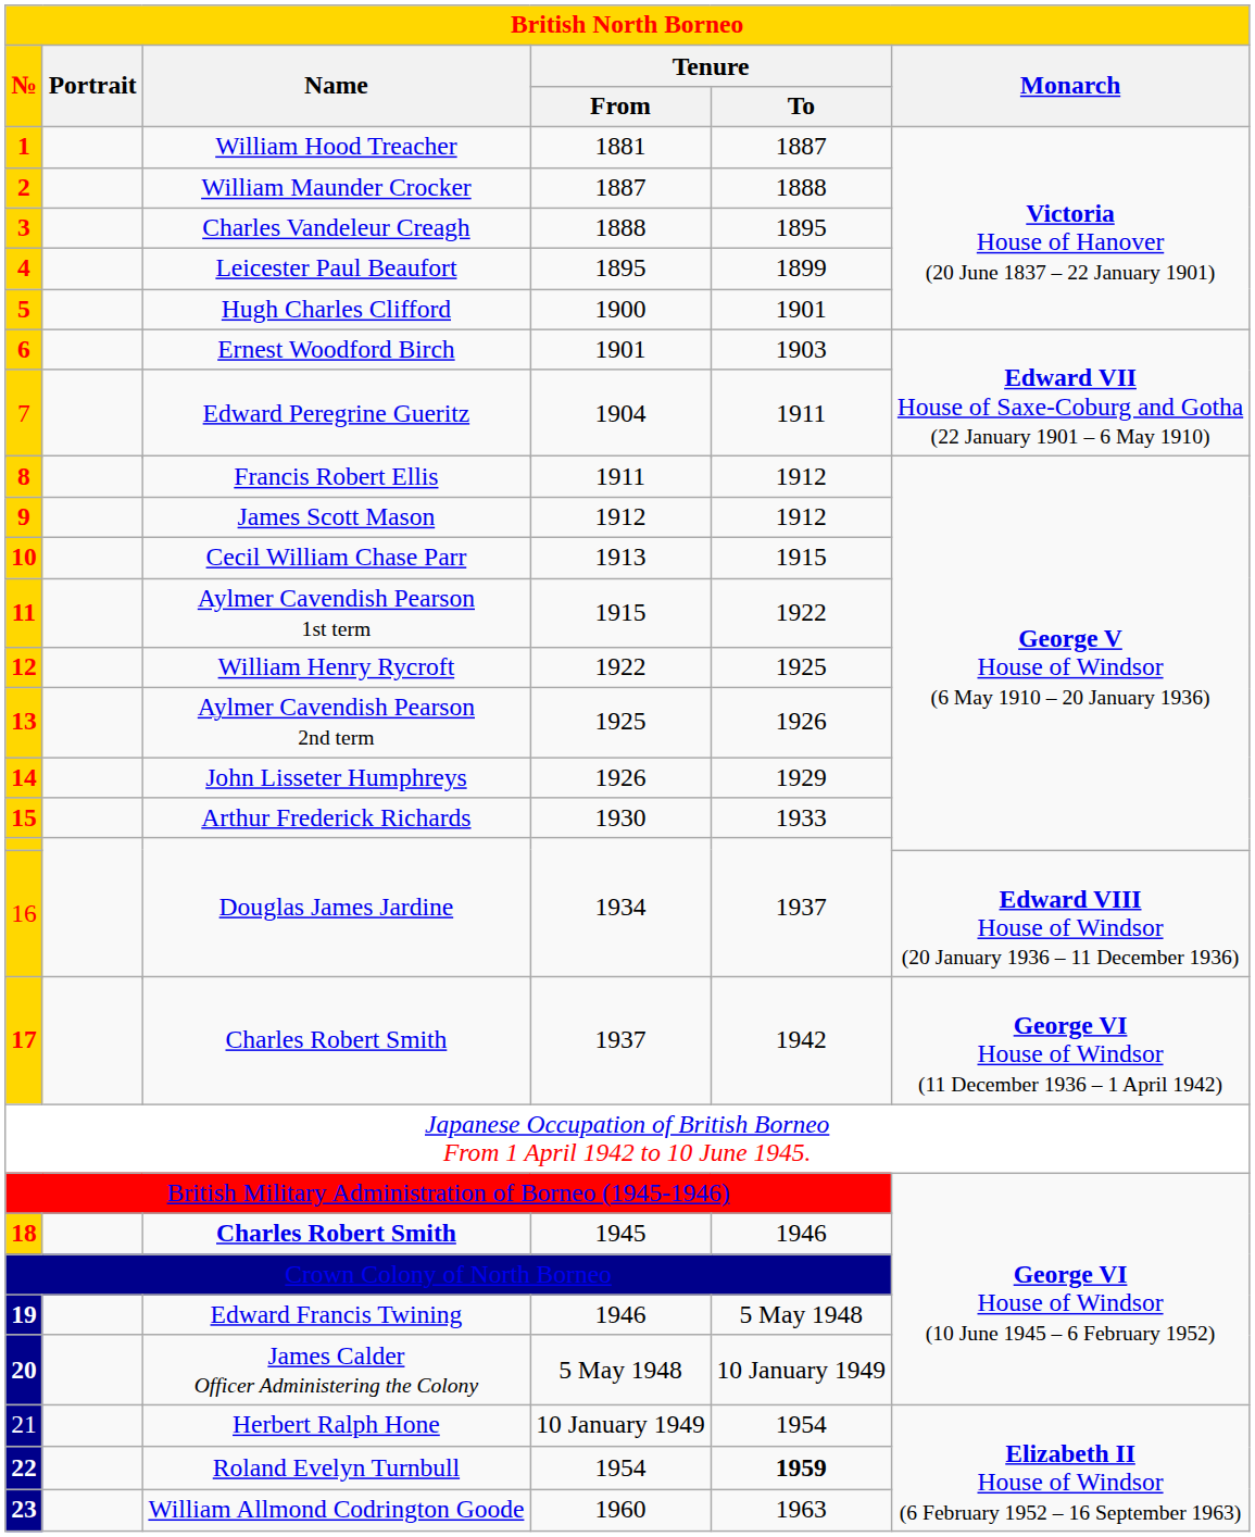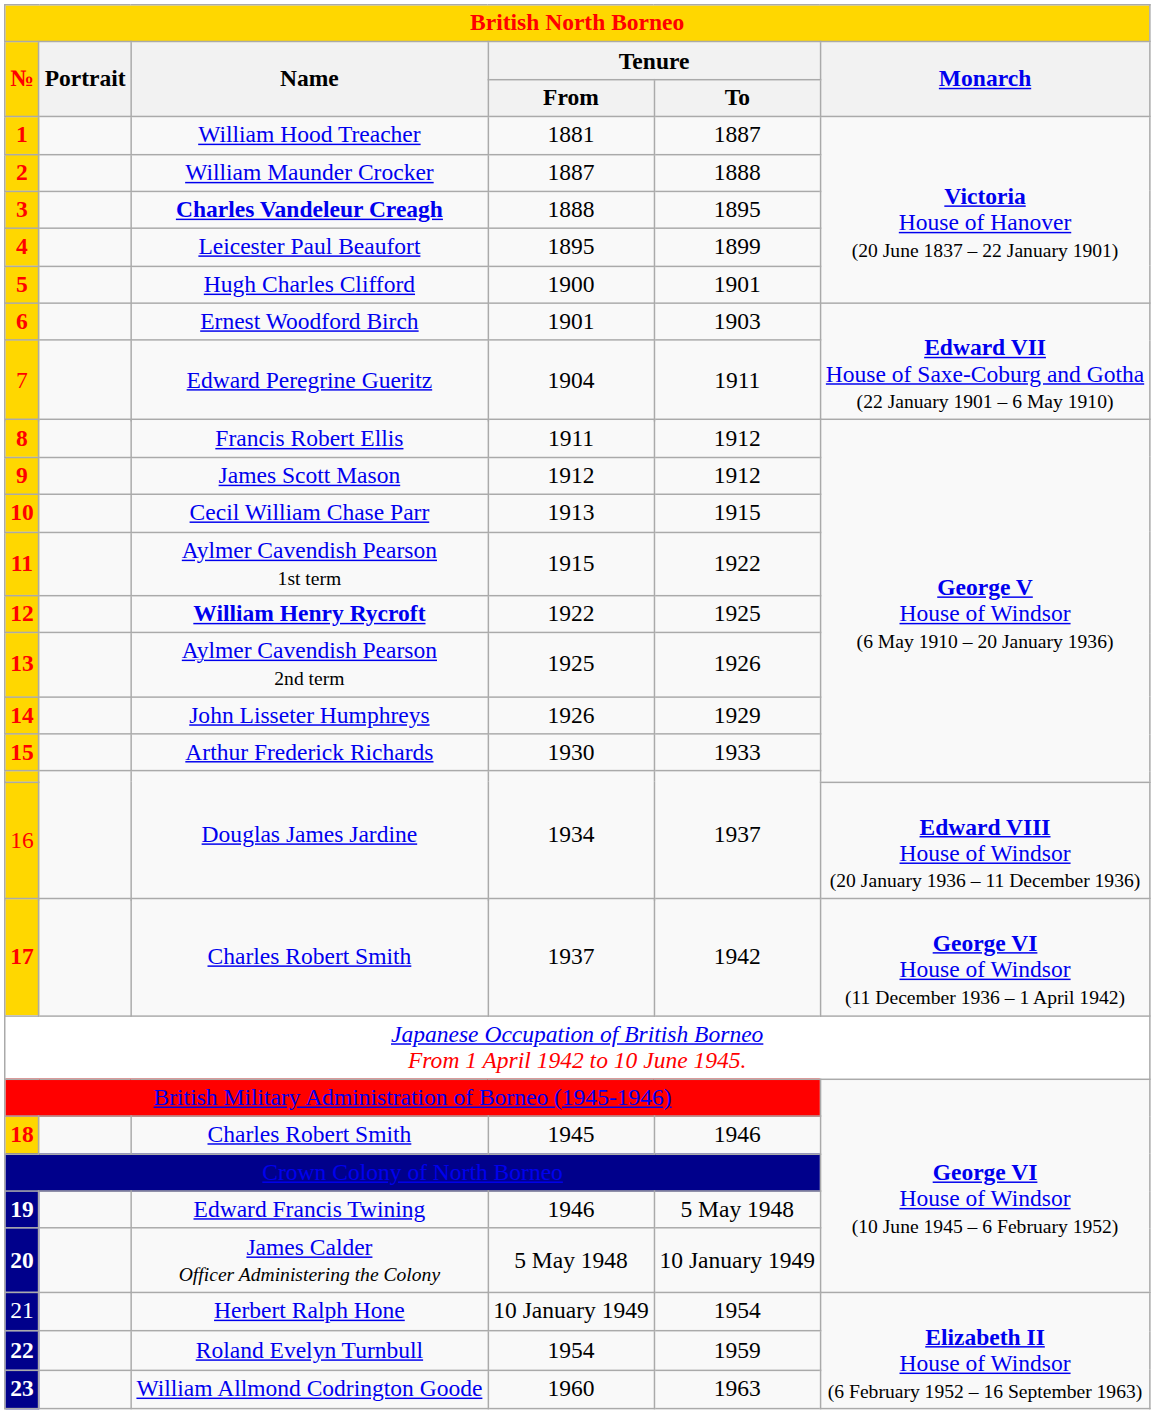 <table class="wikitable" style=text-align:center>
 <tr>
 <th align=center style="background:gold; color:red;" colspan="6"> British North Borneo <strong></strong></th>
 </tr>
 <tr>
 <th align=center style="background:gold; color:red;" rowspan="2"><strong>№</strong></th>
 <th rowspan="2">Portrait</th>
 <th rowspan="2">Name</th>
 <th colspan="2">Tenure</th>
 <th rowspan="2"><a href='#'>Monarch</a></th>
 </tr>
 <tr>
 <th>From</th>
 <th>To</th>
 </tr>
 <tr>
 <th align=center style="background:gold; color:red;">1</th>
 <td></td>
 <td><a href='#'>William Hood Treacher</a></td>
 <td>1881</td>
 <td>1887</td>
 <td rowspan="5"><br><a href='#'><strong>Victoria</strong></a><br><a href='#'>House of Hanover</a><br><small>(20 June 1837 – 22 January 1901)</small></td>
 </tr>
 <tr>
 <th align=center style="background:gold; color:red;">2</th>
 <td></td>
 <td><a href='#'>William Maunder Crocker</a></td>
 <td>1887</td>
 <td>1888</td>
 </tr>
 <tr>
 <th align=center style="background:gold; color:red;">3</th>
 <td></td>
-<td><a href='#'>Charles Vandeleur Creagh</a></td>
+<td><strong><a href='#'>Charles Vandeleur Creagh</a></strong></td>
 <td>1888</td>
 <td>1895</td>
 </tr>
 <tr>
 <th align=center style="background:gold; color:red;">4</th>
 <td></td>
 <td><a href='#'>Leicester Paul Beaufort</a></td>
 <td>1895</td>
 <td>1899</td>
 </tr>
 <tr>
 <th align=center style="background:gold; color:red;">5</th>
 <td></td>
 <td><a href='#'>Hugh Charles Clifford</a></td>
 <td>1900</td>
 <td>1901</td>
 </tr>
 <tr>
 <th align=center style="background:gold; color:red;">6</th>
 <td></td>
 <td><a href='#'>Ernest Woodford Birch</a></td>
 <td>1901</td>
 <td>1903</td>
 <td rowspan="2"><br><strong><a href='#'>Edward VII</a></strong><br><a href='#'>House of Saxe-Coburg and Gotha</a><br><small>(22 January 1901 – 6 May 1910)</small></td>
 </tr>
 <tr>
 <td align=center style="background:gold; color:red;" rowspan="2">7</td>
 <td rowspan="2"></td>
 <td rowspan="2"><a href='#'>Edward Peregrine Gueritz</a></td>
 <td rowspan="2">1904</td>
 <td rowspan="2">1911</td>
 </tr>
 <tr>
 <td rowspan="11"><br><strong><a href='#'>George V</a></strong><br><a href='#'>House of Windsor</a><br><small>(6 May 1910 – 20 January 1936)</small></td>
 </tr>
 <tr>
 <th align=center style="background:gold; color:red;">8</th>
 <td></td>
 <td><a href='#'>Francis Robert Ellis</a></td>
 <td>1911</td>
 <td>1912</td>
 </tr>
 <tr>
 <th align=center style="background:gold; color:red;">9</th>
 <td></td>
 <td><a href='#'>James Scott Mason</a></td>
 <td>1912</td>
 <td>1912</td>
 </tr>
 <tr>
 <th align=center style="background:gold; color:red;">10</th>
 <td></td>
 <td><a href='#'>Cecil William Chase Parr</a></td>
 <td>1913</td>
 <td>1915</td>
 </tr>
 <tr>
 <th align=center style="background:gold; color:red;">11</th>
 <td></td>
 <td><a href='#'>Aylmer Cavendish Pearson</a><br><small>1st term</small></td>
 <td>1915</td>
 <td>1922</td>
 </tr>
 <tr>
 <th align=center style="background:gold; color:red;">12</th>
 <td></td>
-<td><a href='#'>William Henry Rycroft</a></td>
+<td><strong><a href='#'>William Henry Rycroft</a></strong></td>
 <td>1922</td>
 <td>1925</td>
 </tr>
 <tr>
 <th align=center style="background:gold; color:red;">13</th>
 <td></td>
 <td><a href='#'>Aylmer Cavendish Pearson</a><br><small>2nd term</small></td>
 <td>1925</td>
 <td>1926</td>
 </tr>
 <tr>
 <th align=center style="background:gold; color:red;">14</th>
 <td></td>
 <td><a href='#'>John Lisseter Humphreys</a></td>
 <td>1926</td>
 <td>1929</td>
 </tr>
 <tr>
 <th align=center style="background:gold; color:red;">15</th>
 <td></td>
 <td><a href='#'>Arthur Frederick Richards</a></td>
 <td>1930</td>
 <td>1933</td>
 </tr>
 <tr>
 <th align=center style="background:gold; color:red;"></th>
 <td rowspan="4"></td>
 <td rowspan="4"><a href='#'>Douglas James Jardine</a></td>
 <td rowspan="4">1934</td>
 <td rowspan="4">1937</td>
 </tr>
 <tr>
 <td align=center style="background:gold; color:red;" rowspan="3">16</td>
 </tr>
 <tr>
 <td><br><strong><a href='#'>Edward VIII</a></strong><br><a href='#'>House of Windsor</a><br><small>(20 January 1936 – 11 December 1936)</small></td>
 </tr>
 <tr>
 <td rowspan="2"><br><strong><a href='#'>George VI</a></strong><br><a href='#'>House of Windsor</a><br><small>(11 December 1936 – 1 April 1942)</small></td>
 </tr>
 <tr>
 <th align=center style="background:gold; color:red;">17</th>
 <td></td>
 <td><a href='#'>Charles Robert Smith</a></td>
 <td>1937</td>
 <td>1942</td>
 </tr>
 <tr>
 <td align=center style="background:white; color:red;" colspan="6"> <em><a href='#'><span>Japanese Occupation of British Borneo</span></a></em> <br><em>From 1 April 1942 to 10 June 1945.</em></td>
 </tr>
 <tr>
 <td align=center style="background:red; color:white;" colspan="5"><strong></strong> <a href='#'><span>British Military Administration of Borneo (1945-1946)</span></a> <strong></strong></td>
 <td rowspan="6"><br><strong><a href='#'>George VI</a></strong><br><a href='#'>House of Windsor</a><br><small>(10 June 1945 – 6 February 1952)</small></td>
 </tr>
 <tr>
 <th align="center" style="background:gold; color:red;">18</th>
 <td></td>
-<td><strong><a href='#'>Charles Robert Smith</a></strong></td>
+<td><a href='#'>Charles Robert Smith</a></td>
 <td>1945</td>
 <td>1946</td>
 </tr>
 <tr>
 <td align=center style="background:darkblue; color:white;" colspan="5"> <a href='#'><span>Crown Colony of North Borneo</span></a> <strong></strong></td>
 </tr>
 <tr>
 <th align=center style="background:darkblue; color:white;">19</th>
 <td></td>
 <td><a href='#'>Edward Francis Twining</a></td>
 <td>1946</td>
 <td>5 May 1948</td>
 </tr>
 <tr>
 <th align=center style="background:darkblue; color:white;">20</th>
 <td></td>
 <td><a href='#'>James Calder</a><br><small><em>Officer Administering the Colony</em></small></td>
 <td>5 May 1948</td>
 <td>10 January 1949</td>
 </tr>
 <tr>
 <td align=center style="background:darkblue; color:white;" rowspan="2">21</td>
 <td rowspan="2"></td>
 <td rowspan="2"><a href='#'>Herbert Ralph Hone</a></td>
 <td rowspan="2">10 January 1949</td>
 <td rowspan="2">1954</td>
 </tr>
 <tr>
 <td rowspan="3"><br><strong><a href='#'>Elizabeth II</a></strong><br><a href='#'>House of Windsor</a><br><small>(6 February 1952 – 16 September 1963)</small></td>
 </tr>
 <tr>
 <th align=center style="background:darkblue; color:white;">22</th>
 <td></td>
 <td><a href='#'>Roland Evelyn Turnbull</a></td>
 <td>1954</td>
-<td><strong>1959</strong></td>
+<td>1959</td>
 </tr>
 <tr>
 <th align=center style="background:darkblue; color:white;">23</th>
 <td></td>
 <td><a href='#'>William Allmond Codrington Goode</a></td>
 <td>1960</td>
 <td>1963</td>
 </tr>
 </table>
